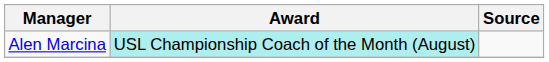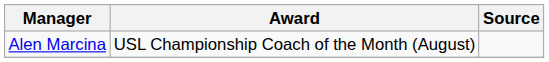 <table class="wikitable sortable" style="text-align:left; font-size:95%;">
 <tr>
 <th>Manager</th>
 <th>Award</th>
 <th>Source</th>
 </tr>
 <tr>
 <td> <a href='#'>Alen Marcina</a></td>
-<td style="background: paleturquoise;">USL Championship Coach of the Month (August)</td>
+<td>USL Championship Coach of the Month (August)</td>
 <td align=center></td>
 </tr>
 <tr>
 </tr>
 </table>
